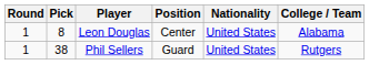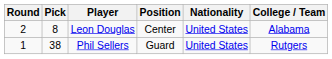 <table class="wikitable sortable sortable">
 <tr>
 <th>Round</th>
 <th>Pick</th>
 <th>Player</th>
 <th>Position</th>
 <th>Nationality</th>
 <th>College / Team</th>
 </tr>
 <tr style="text-align: center">
-<td>1</td>
+<td>2</td>
 <td>8</td>
 <td><a href='#'>Leon Douglas</a></td>
 <td>Center</td>
 <td> <a href='#'>United States</a></td>
 <td><a href='#'>Alabama</a></td>
 </tr>
 <tr style="text-align: center">
 <td>1</td>
 <td>38</td>
 <td><a href='#'>Phil Sellers</a></td>
 <td>Guard</td>
 <td> <a href='#'>United States</a></td>
 <td><a href='#'>Rutgers</a></td>
 </tr>
 </table>
